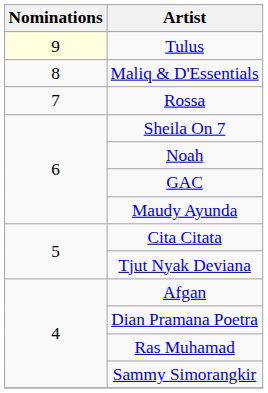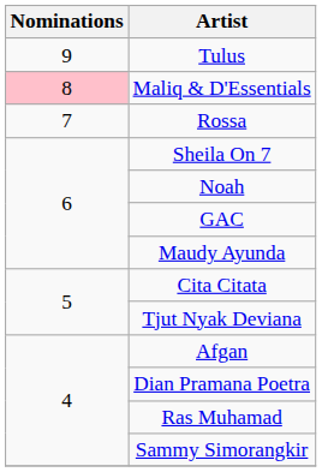 <table class="wikitable" style="text-align: center">
 <tr>
 <th>Nominations</th>
 <th>Artist</th>
 </tr>
 <tr>
-<td style="background: lightyellow; text-align:center">9</td>
+<td style="text-align:center">9</td>
 <td><a href='#'>Tulus</a></td>
 </tr>
 <tr>
-<td style="text-align:center">8</td>
+<td style="background: pink; text-align:center">8</td>
 <td><a href='#'>Maliq & D'Essentials</a></td>
 </tr>
 <tr>
 <td style="text-align:center">7</td>
 <td><a href='#'>Rossa</a></td>
 </tr>
 <tr>
 <td rowspan="4" style="text-align:center">6</td>
 <td><a href='#'>Sheila On 7</a></td>
 </tr>
 <tr>
 <td><a href='#'>Noah</a></td>
 </tr>
 <tr>
 <td><a href='#'>GAC</a></td>
 </tr>
 <tr>
 <td><a href='#'>Maudy Ayunda</a></td>
 </tr>
 <tr>
 <td rowspan= "2" style="text-align:center">5</td>
 <td><a href='#'>Cita Citata</a></td>
 </tr>
 <tr>
 <td><a href='#'>Tjut Nyak Deviana</a></td>
 </tr>
 <tr>
 <td rowspan="4" style="text-align:center">4</td>
 <td><a href='#'>Afgan</a></td>
 </tr>
 <tr>
 <td><a href='#'>Dian Pramana Poetra</a></td>
 </tr>
 <tr>
 <td><a href='#'>Ras Muhamad</a></td>
 </tr>
 <tr>
 <td><a href='#'>Sammy Simorangkir</a></td>
 </tr>
 <tr>
 </tr>
 </table>
